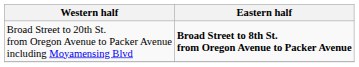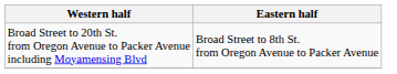 <table class="wikitable">
 <tr>
 <th>Western half</th>
 <th>Eastern half</th>
 </tr>
 <tr>
 <td>Broad Street to 20th St.<br> from Oregon Avenue to Packer Avenue<br> including <a href='#'>Moyamensing Blvd</a></td>
-<td><strong>Broad Street to 8th St.<br>from Oregon Avenue to Packer Avenue</strong></td>
+<td>Broad Street to 8th St.<br>from Oregon Avenue to Packer Avenue</td>
 </tr>
 <tr>
 </tr>
 </table>
